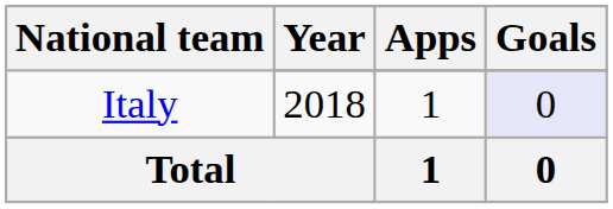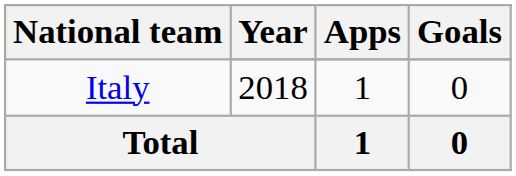 <table class="wikitable" style="text-align:center">
 <tr>
 <th>National team</th>
 <th>Year</th>
 <th>Apps</th>
 <th>Goals</th>
 </tr>
 <tr>
 <td rowspan=2><a href='#'>Italy</a></td>
 </tr>
 <tr>
 <td>2018</td>
 <td>1</td>
-<td style="background: lavender;">0</td>
+<td>0</td>
 </tr>
 <tr>
 <th colspan=2>Total</th>
 <th>1</th>
 <th>0</th>
 </tr>
 </table>
